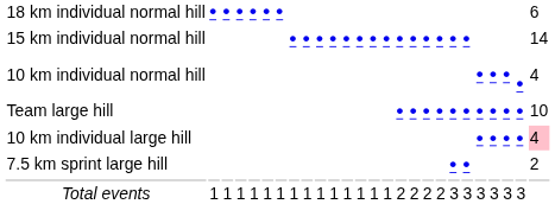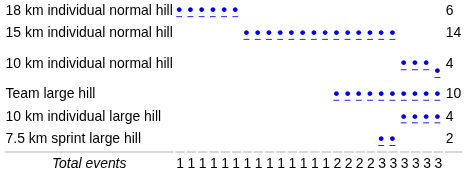 <table>
 <tr>
 <td align=left>18 km individual normal hill</td>
 <td><big><strong><a href='#'>•</a></strong></big></td>
 <td><big><strong><a href='#'>•</a></strong></big></td>
 <td><big><strong><a href='#'>•</a></strong></big></td>
 <td><big><strong><a href='#'>•</a></strong></big></td>
 <td><big><strong><a href='#'>•</a></strong></big></td>
 <td><big><strong><a href='#'>•</a></strong></big></td>
 <td></td>
 <td></td>
 <td></td>
 <td></td>
 <td></td>
 <td></td>
 <td></td>
 <td></td>
 <td></td>
 <td></td>
 <td></td>
 <td></td>
 <td></td>
 <td></td>
 <td></td>
 <td></td>
 <td></td>
 <td></td>
 <td>6</td>
 </tr>
 <tr>
 <td align=left>15 km individual normal hill</td>
 <td></td>
 <td></td>
 <td></td>
 <td></td>
 <td></td>
 <td></td>
 <td><big><strong><a href='#'>•</a></strong></big></td>
 <td><big><strong><a href='#'>•</a></strong></big></td>
 <td><big><strong><a href='#'>•</a></strong></big></td>
 <td><big><strong><a href='#'>•</a></strong></big></td>
 <td><big><strong><a href='#'>•</a></strong></big></td>
 <td><big><strong><a href='#'>•</a></strong></big></td>
 <td><big><strong><a href='#'>•</a></strong></big></td>
 <td><big><strong><a href='#'>•</a></strong></big></td>
 <td><big><strong><a href='#'>•</a></strong></big></td>
 <td><big><strong><a href='#'>•</a></strong></big></td>
 <td><big><strong><a href='#'>•</a></strong></big></td>
 <td><big><strong><a href='#'>•</a></strong></big></td>
 <td><big><strong><a href='#'>•</a></strong></big></td>
 <td><big><strong><a href='#'>•</a></strong></big></td>
 <td></td>
 <td></td>
 <td></td>
 <td></td>
 <td>14</td>
 </tr>
 <tr>
 <td align=left>10 km individual normal hill</td>
 <td></td>
 <td></td>
 <td></td>
 <td></td>
 <td></td>
 <td></td>
 <td></td>
 <td></td>
 <td></td>
 <td></td>
 <td></td>
 <td></td>
 <td></td>
 <td></td>
 <td></td>
 <td></td>
 <td></td>
 <td></td>
 <td></td>
 <td></td>
 <td><big><strong><a href='#'>•</a></strong></big></td>
 <td><big><strong><a href='#'>•</a></strong></big></td>
 <td><big><strong><a href='#'>•</a></strong></big></td>
 <td><br><big><strong><a href='#'>•</a></strong></big></td>
 <td>4</td>
 </tr>
 <tr>
 <td align=left>Team large hill</td>
 <td></td>
 <td></td>
 <td></td>
 <td></td>
 <td></td>
 <td></td>
 <td></td>
 <td></td>
 <td></td>
 <td></td>
 <td></td>
 <td></td>
 <td></td>
 <td></td>
 <td><big><strong><a href='#'>•</a></strong></big></td>
 <td><big><strong><a href='#'>•</a></strong></big></td>
 <td><big><strong><a href='#'>•</a></strong></big></td>
 <td><big><strong><a href='#'>•</a></strong></big></td>
 <td><big><strong><a href='#'>•</a></strong></big></td>
 <td><big><strong><a href='#'>•</a></strong></big></td>
 <td><big><strong><a href='#'>•</a></strong></big></td>
 <td><big><strong><a href='#'>•</a></strong></big></td>
 <td><big><strong><a href='#'>•</a></strong></big></td>
 <td><big><strong><a href='#'>•</a></strong></big></td>
 <td>10</td>
 </tr>
 <tr>
 <td align=left>10 km individual large hill</td>
 <td></td>
 <td></td>
 <td></td>
 <td></td>
 <td></td>
 <td></td>
 <td></td>
 <td></td>
 <td></td>
 <td></td>
 <td></td>
 <td></td>
 <td></td>
 <td></td>
 <td></td>
 <td></td>
 <td></td>
 <td></td>
 <td></td>
 <td></td>
 <td><big><strong><a href='#'>•</a></strong></big></td>
 <td><big><strong><a href='#'>•</a></strong></big></td>
 <td><big><strong><a href='#'>•</a></strong></big></td>
 <td><big><strong><a href='#'>•</a></strong></big></td>
-<td style="background: pink;">4</td>
+<td>4</td>
 </tr>
 <tr>
 <td align=left>7.5 km sprint large hill</td>
 <td></td>
 <td></td>
 <td></td>
 <td></td>
 <td></td>
 <td></td>
 <td></td>
 <td></td>
 <td></td>
 <td></td>
 <td></td>
 <td></td>
 <td></td>
 <td></td>
 <td></td>
 <td></td>
 <td></td>
 <td></td>
 <td><big><strong><a href='#'>•</a></strong></big></td>
 <td><big><strong><a href='#'>•</a></strong></big></td>
 <td></td>
 <td></td>
 <td></td>
 <td></td>
 <td>2</td>
 </tr>
 <tr bgcolor=lightgray>
 <td></td>
 <td></td>
 <td></td>
 <td></td>
 <td></td>
 <td></td>
 <td></td>
 <td></td>
 <td></td>
 <td></td>
 <td></td>
 <td></td>
 <td></td>
 <td></td>
 <td></td>
 <td></td>
 <td></td>
 <td></td>
 <td></td>
 <td></td>
 <td></td>
 <td></td>
 <td></td>
 <td></td>
 <td></td>
 <td></td>
 </tr>
 <tr align=center>
 <td><em>Total events</em></td>
 <td>1</td>
 <td>1</td>
 <td>1</td>
 <td>1</td>
 <td>1</td>
 <td>1</td>
 <td>1</td>
 <td>1</td>
 <td>1</td>
 <td>1</td>
 <td>1</td>
 <td>1</td>
 <td>1</td>
 <td>1</td>
 <td>2</td>
 <td>2</td>
 <td>2</td>
 <td>2</td>
 <td>3</td>
 <td>3</td>
 <td>3</td>
 <td>3</td>
 <td>3</td>
 <td>3</td>
 <td></td>
 </tr>
 </table>
